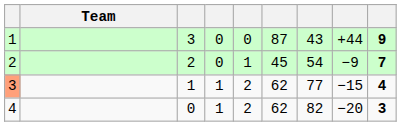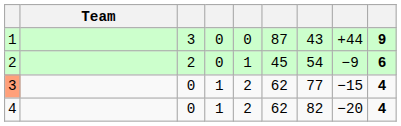 <table class="wikitable" style="text-align:center;">
 <tr>
 <th style="width:1.5.em;"></th>
 <th style="width:10.5em;">Team</th>
 <th style="width:1.5em;"></th>
 <th style="width:1.5em;"></th>
 <th style="width:1.5em;"></th>
 <th style="width:2.0em;"></th>
 <th style="width:2.0em;"></th>
 <th style="width:2.0em;"></th>
 <th style="width:1.5em;"></th>
 </tr>
 <tr bgcolor=#cfc>
 <td>1</td>
 <td align="left"></td>
 <td>3</td>
 <td>0</td>
 <td>0</td>
 <td>87</td>
 <td>43</td>
 <td>+44</td>
 <td><strong>9</strong></td>
 </tr>
 <tr bgcolor=#cfc>
 <td>2</td>
 <td align="left"></td>
 <td>2</td>
 <td>0</td>
 <td>1</td>
 <td>45</td>
 <td>54</td>
 <td>−9</td>
-<td><strong>7</strong></td>
+<td><strong>6</strong></td>
 </tr>
 <tr>
 <td style="background: lightsalmon;">3</td>
 <td align="left"></td>
-<td>1</td>
+<td>0</td>
 <td>1</td>
 <td>2</td>
 <td>62</td>
 <td>77</td>
 <td>−15</td>
 <td><strong>4</strong></td>
 </tr>
 <tr>
 <td>4</td>
 <td align="left"></td>
 <td>0</td>
 <td>1</td>
 <td>2</td>
 <td>62</td>
 <td>82</td>
 <td>−20</td>
-<td><strong>3</strong></td>
+<td><strong>4</strong></td>
 </tr>
 </table>
